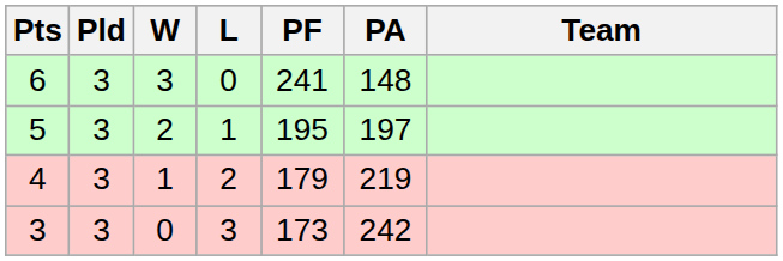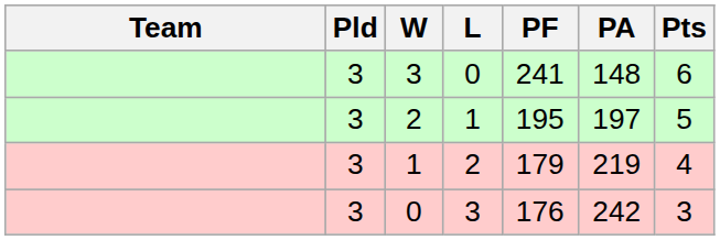 <table class="wikitable" style="text-align:center;">
 <tr>
-<th width=25>Pts</th>
+<th width=170>Team</th>
 <th width=25>Pld</th>
 <th width=25>W</th>
 <th width=25>L</th>
 <th width=35>PF</th>
 <th width=35>PA</th>
-<th width=170>Team</th>
+<th width=25>Pts</th>
 </tr>
 <tr bgcolor=#ccffcc>
-<td>6</td>
+<td align="left"></td>
 <td>3</td>
 <td>3</td>
 <td>0</td>
 <td>241</td>
 <td>148</td>
-<td align="left"></td>
+<td>6</td>
 </tr>
 <tr bgcolor=#ccffcc>
-<td>5</td>
+<td align="left"></td>
 <td>3</td>
 <td>2</td>
 <td>1</td>
 <td>195</td>
 <td>197</td>
-<td align="left"></td>
+<td>5</td>
 </tr>
 <tr bgcolor=#ffcccc>
-<td>4</td>
+<td align="left"></td>
 <td>3</td>
 <td>1</td>
 <td>2</td>
 <td>179</td>
 <td>219</td>
-<td align="left"></td>
+<td>4</td>
 </tr>
 <tr bgcolor=#ffcccc>
-<td>3</td>
+<td align="left"></td>
 <td>3</td>
 <td>0</td>
 <td>3</td>
-<td>173</td>
+<td>176</td>
 <td>242</td>
-<td align="left"></td>
+<td>3</td>
 </tr>
 </table>
